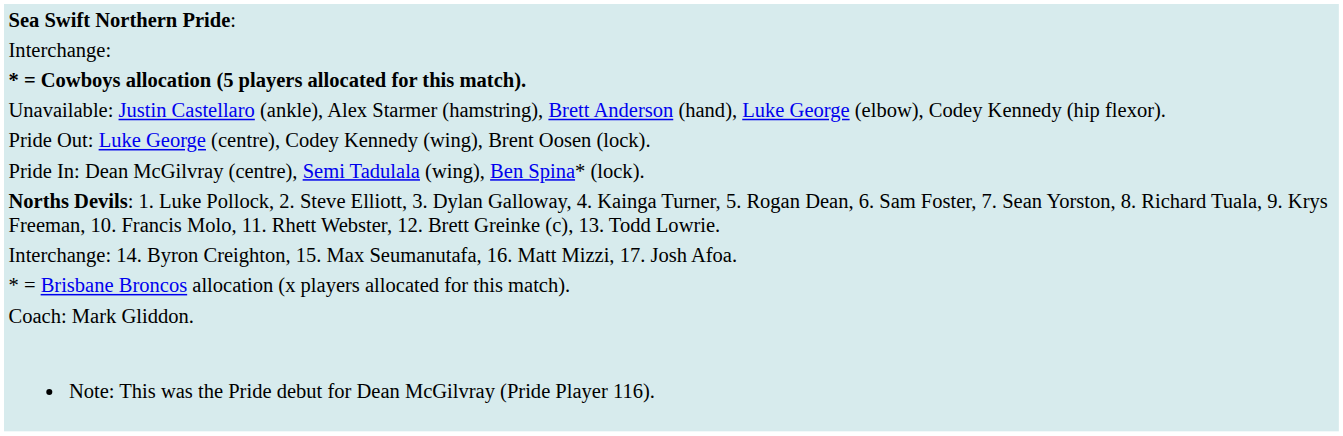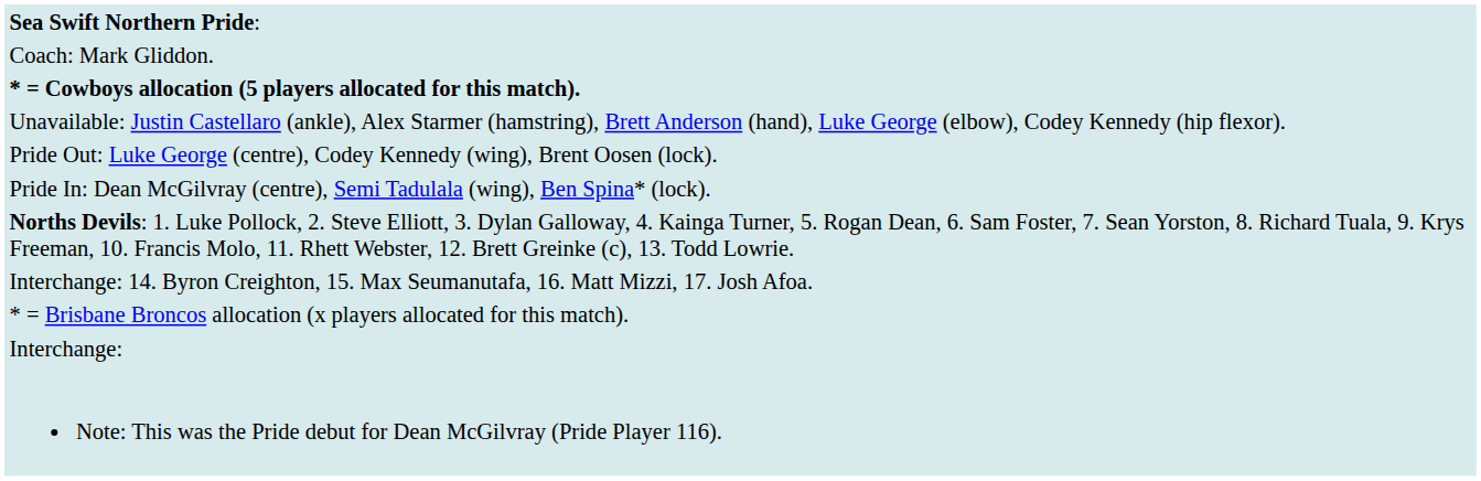 <table style="background:#d7ebed; font-size:85%; width:100%;">
 <tr>
 <td><strong>Sea Swift Northern Pride</strong>:             </td>
 </tr>
 <tr>
-<td>Interchange:    </td>
+<td>Coach: Mark Gliddon.</td>
 </tr>
 <tr>
 <td><strong>* = Cowboys allocation (5 players allocated for this match).</strong></td>
 </tr>
 <tr>
 <td>Unavailable: <a href='#'>Justin Castellaro</a> (ankle), Alex Starmer (hamstring), <a href='#'>Brett Anderson</a> (hand), <a href='#'>Luke George</a> (elbow), Codey Kennedy (hip flexor).</td>
 </tr>
 <tr>
 <td>Pride Out: <a href='#'>Luke George</a> (centre), Codey Kennedy (wing), Brent Oosen (lock).</td>
 </tr>
 <tr>
 <td>Pride In: Dean McGilvray (centre), <a href='#'>Semi Tadulala</a> (wing), <a href='#'>Ben Spina</a>* (lock).</td>
 </tr>
 <tr>
 <td><strong>Norths Devils</strong>: 1. Luke Pollock, 2. Steve Elliott, 3. Dylan Galloway, 4. Kainga Turner, 5. Rogan Dean, 6. Sam Foster, 7. Sean Yorston, 8. Richard Tuala, 9. Krys Freeman, 10. Francis Molo, 11. Rhett Webster, 12. Brett Greinke (c), 13. Todd Lowrie.</td>
 </tr>
 <tr>
 <td>Interchange: 14. Byron Creighton, 15. Max Seumanutafa, 16. Matt Mizzi, 17. Josh Afoa.</td>
 </tr>
 <tr>
 <td>* = <a href='#'>Brisbane Broncos</a> allocation (x players allocated for this match).</td>
 </tr>
 <tr>
-<td>Coach: Mark Gliddon.</td>
+<td>Interchange:    </td>
 </tr>
 <tr>
 <td><br><ul><li>Note: This was the Pride debut for Dean McGilvray (Pride Player 116).</li></ul></td>
 </tr>
 <tr>
 </tr>
 </table>
